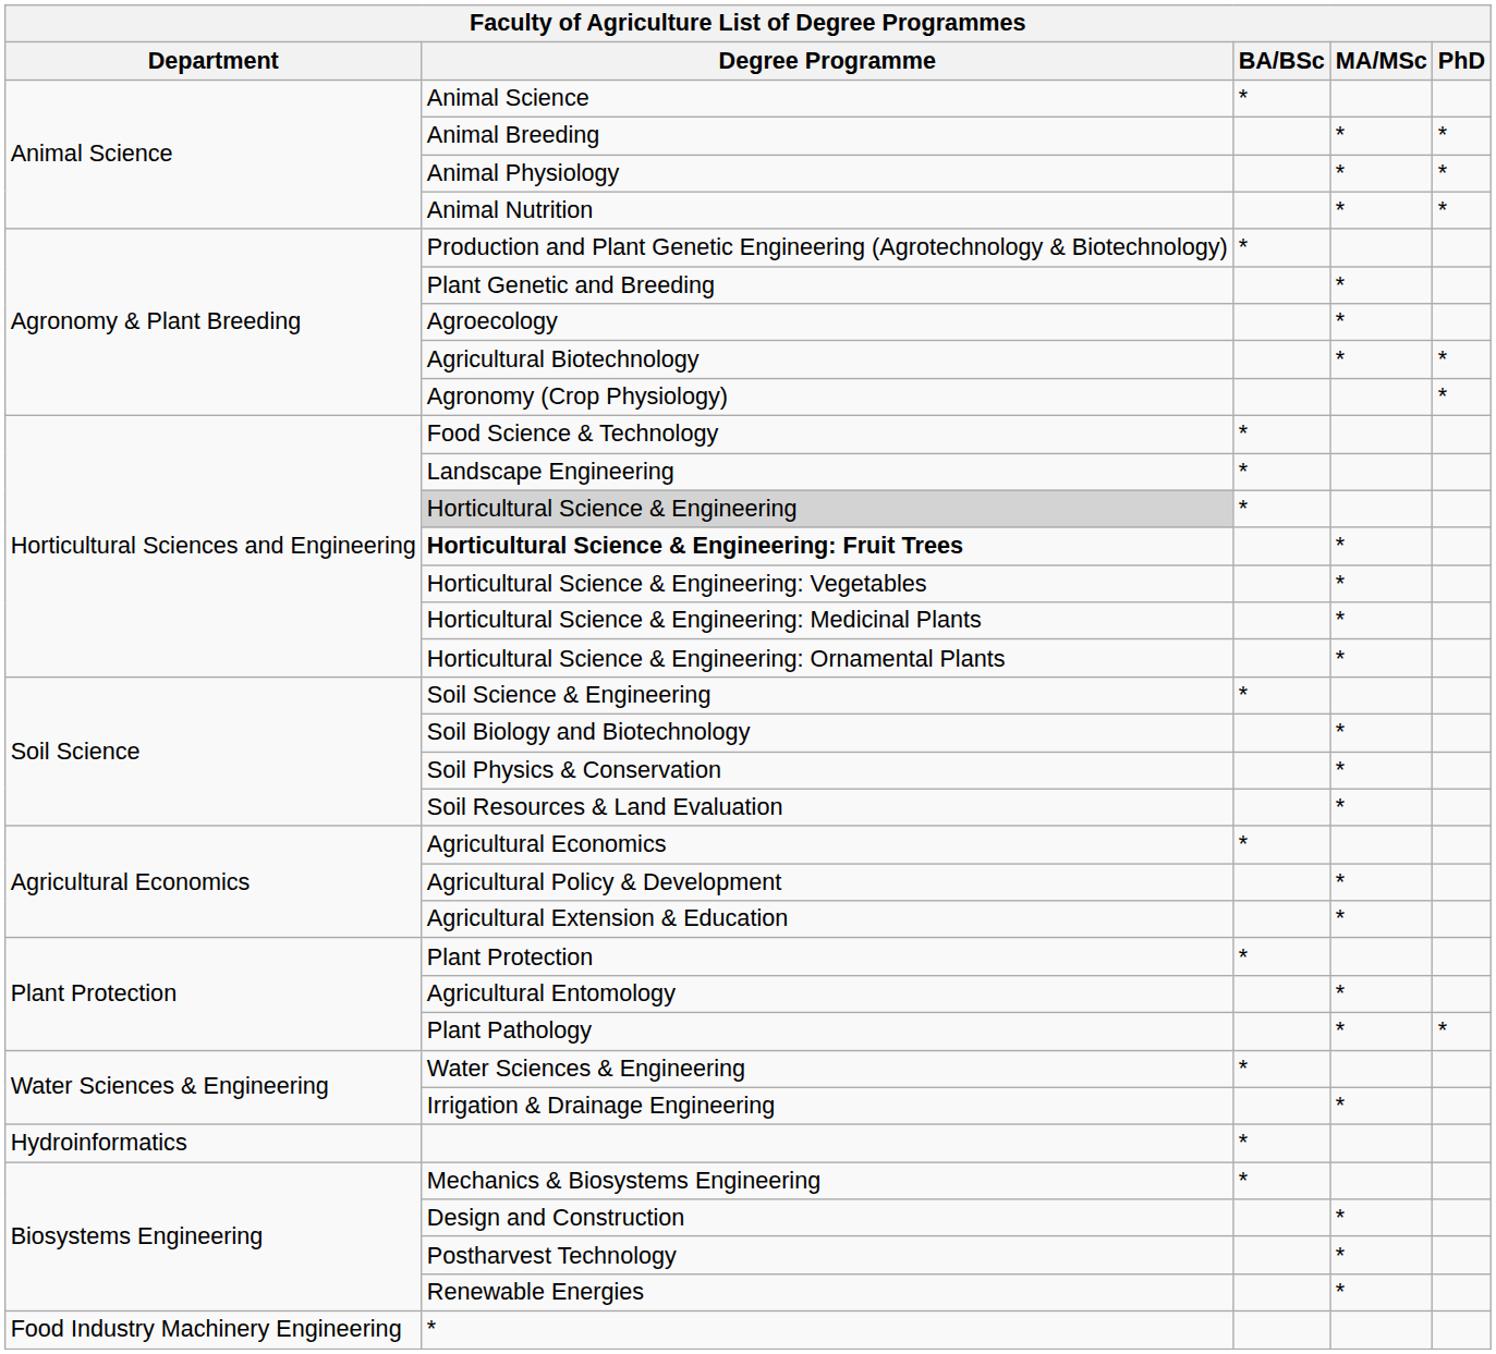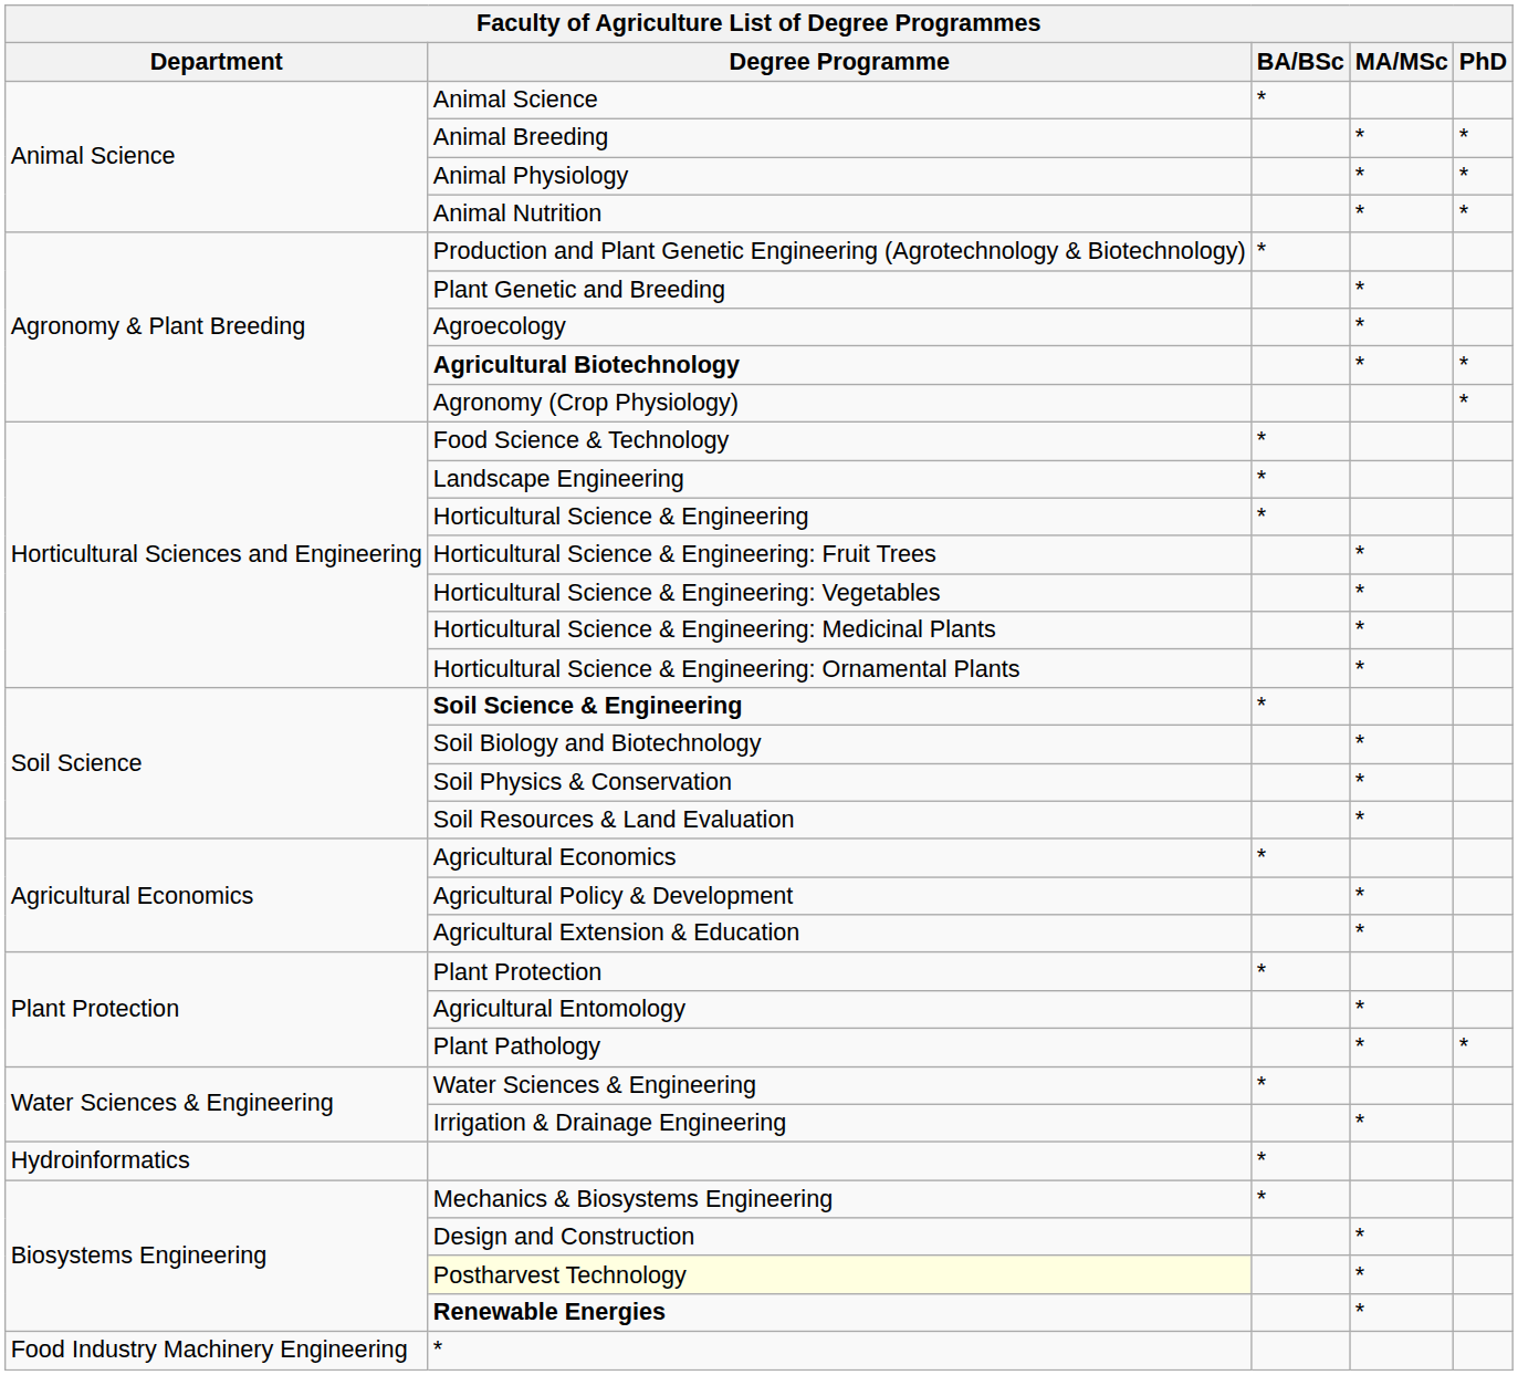 <table class="wikitable">
 <tr>
 <th colspan="5">Faculty of Agriculture List of Degree Programmes</th>
 </tr>
 <tr>
 <th>Department</th>
 <th>Degree Programme</th>
 <th>BA/BSc</th>
 <th>MA/MSc</th>
 <th>PhD</th>
 </tr>
 <tr>
 <td rowspan="4">Animal Science</td>
 <td>Animal Science</td>
 <td>*</td>
 <td></td>
 <td></td>
 </tr>
 <tr>
 <td>Animal Breeding</td>
 <td></td>
 <td>*</td>
 <td>*</td>
 </tr>
 <tr>
 <td>Animal Physiology</td>
 <td></td>
 <td>*</td>
 <td>*</td>
 </tr>
 <tr>
 <td>Animal Nutrition</td>
 <td></td>
 <td>*</td>
 <td>*</td>
 </tr>
 <tr>
 <td rowspan="5">Agronomy & Plant Breeding</td>
 <td>Production and Plant Genetic Engineering (Agrotechnology & Biotechnology)</td>
 <td>*</td>
 <td></td>
 <td></td>
 </tr>
 <tr>
 <td>Plant Genetic and Breeding</td>
 <td></td>
 <td>*</td>
 <td></td>
 </tr>
 <tr>
 <td>Agroecology</td>
 <td></td>
 <td>*</td>
 <td></td>
 </tr>
 <tr>
-<td>Agricultural Biotechnology</td>
+<td><strong>Agricultural Biotechnology</strong></td>
 <td></td>
 <td>*</td>
 <td>*</td>
 </tr>
 <tr>
 <td>Agronomy (Crop Physiology)</td>
 <td></td>
 <td></td>
 <td>*</td>
 </tr>
 <tr>
 <td rowspan="7">Horticultural Sciences and Engineering</td>
 <td>Food Science & Technology</td>
 <td>*</td>
 <td></td>
 <td></td>
 </tr>
 <tr>
 <td>Landscape Engineering</td>
 <td>*</td>
 <td></td>
 <td></td>
 </tr>
 <tr>
-<td style="background: lightgrey;">Horticultural Science & Engineering</td>
+<td>Horticultural Science & Engineering</td>
 <td>*</td>
 <td></td>
 <td></td>
 </tr>
 <tr>
-<td><strong>Horticultural Science & Engineering: Fruit Trees</strong></td>
+<td>Horticultural Science & Engineering: Fruit Trees</td>
 <td></td>
 <td>*</td>
 <td></td>
 </tr>
 <tr>
 <td>Horticultural Science & Engineering: Vegetables</td>
 <td></td>
 <td>*</td>
 <td></td>
 </tr>
 <tr>
 <td>Horticultural Science & Engineering: Medicinal Plants</td>
 <td></td>
 <td>*</td>
 <td></td>
 </tr>
 <tr>
 <td>Horticultural Science & Engineering: Ornamental Plants</td>
 <td></td>
 <td>*</td>
 <td></td>
 </tr>
 <tr>
 <td rowspan="4">Soil Science</td>
-<td>Soil Science & Engineering</td>
+<td><strong>Soil Science & Engineering</strong></td>
 <td>*</td>
 <td></td>
 <td></td>
 </tr>
 <tr>
 <td>Soil Biology and Biotechnology</td>
 <td></td>
 <td>*</td>
 <td></td>
 </tr>
 <tr>
 <td>Soil Physics & Conservation</td>
 <td></td>
 <td>*</td>
 <td></td>
 </tr>
 <tr>
 <td>Soil Resources & Land Evaluation</td>
 <td></td>
 <td>*</td>
 <td></td>
 </tr>
 <tr>
 <td rowspan="3">Agricultural Economics</td>
 <td>Agricultural Economics</td>
 <td>*</td>
 <td></td>
 <td></td>
 </tr>
 <tr>
 <td>Agricultural Policy & Development</td>
 <td></td>
 <td>*</td>
 <td></td>
 </tr>
 <tr>
 <td>Agricultural Extension & Education</td>
 <td></td>
 <td>*</td>
 <td></td>
 </tr>
 <tr>
 <td rowspan="3">Plant Protection</td>
 <td>Plant Protection</td>
 <td>*</td>
 <td></td>
 <td></td>
 </tr>
 <tr>
 <td>Agricultural Entomology</td>
 <td></td>
 <td>*</td>
 <td></td>
 </tr>
 <tr>
 <td>Plant Pathology</td>
 <td></td>
 <td>*</td>
 <td>*</td>
 </tr>
 <tr>
 <td rowspan="2">Water Sciences & Engineering</td>
 <td>Water Sciences & Engineering</td>
 <td>*</td>
 <td></td>
 <td></td>
 </tr>
 <tr>
 <td>Irrigation & Drainage Engineering</td>
 <td></td>
 <td>*</td>
 <td></td>
 </tr>
 <tr>
 <td>Hydroinformatics</td>
 <td></td>
 <td>*</td>
 <td></td>
 </tr>
 <tr>
 <td rowspan="4">Biosystems Engineering</td>
 <td>Mechanics & Biosystems Engineering</td>
 <td>*</td>
 <td></td>
 <td></td>
 </tr>
 <tr>
 <td>Design and Construction</td>
 <td></td>
 <td>*</td>
 <td></td>
 </tr>
 <tr>
-<td>Postharvest Technology</td>
+<td style="background: lightyellow;">Postharvest Technology</td>
 <td></td>
 <td>*</td>
 <td></td>
 </tr>
 <tr>
-<td>Renewable Energies</td>
+<td><strong>Renewable Energies</strong></td>
 <td></td>
 <td>*</td>
 <td></td>
 </tr>
 <tr>
 <td>Food Industry Machinery Engineering</td>
 <td>*</td>
 <td></td>
 <td></td>
 </tr>
 </table>
